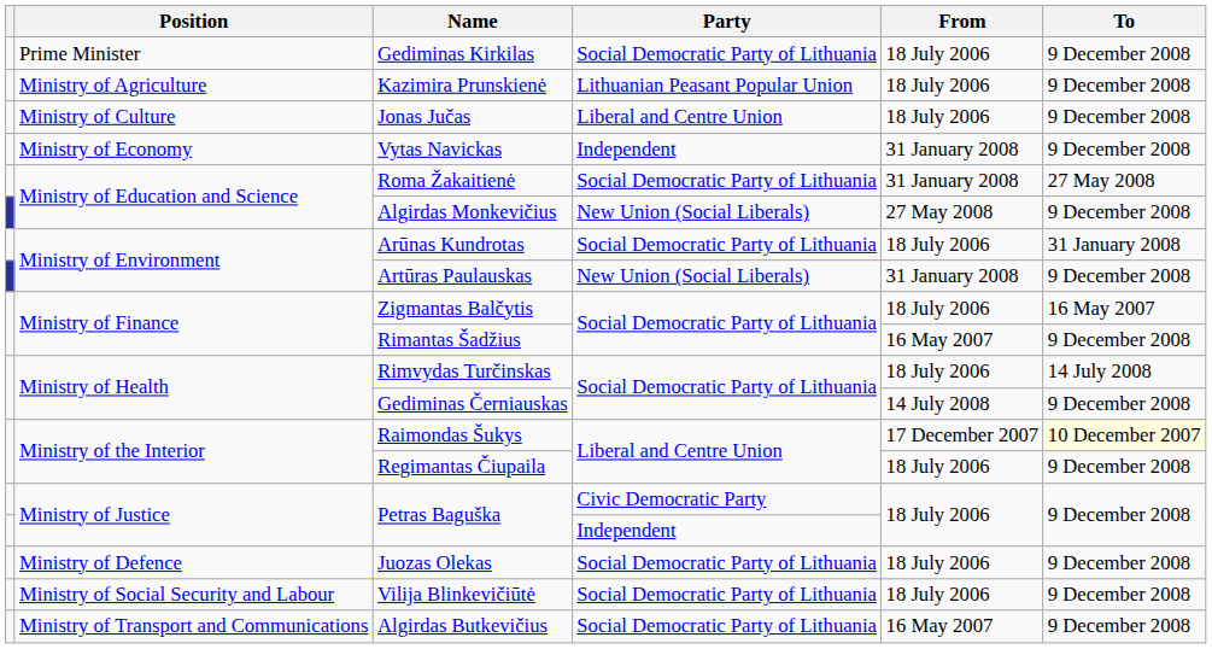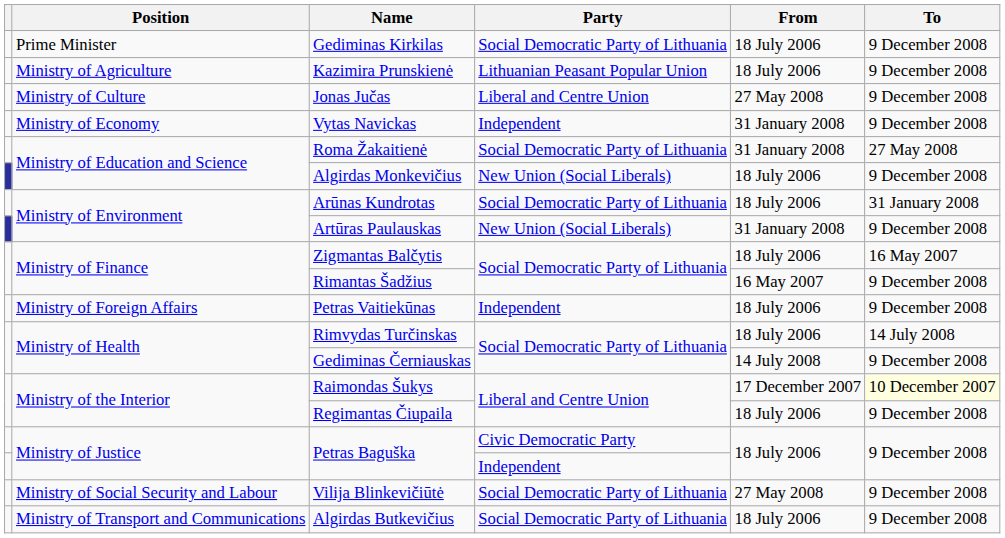 <table class="wikitable">
 <tr>
 <th></th>
 <th>Position</th>
 <th>Name</th>
 <th>Party</th>
 <th>From</th>
 <th>To</th>
 </tr>
 <tr>
 <td style="background-color: "></td>
 <td>Prime Minister</td>
 <td><a href='#'>Gediminas Kirkilas</a></td>
 <td><a href='#'>Social Democratic Party of Lithuania</a></td>
 <td>18 July 2006</td>
 <td>9 December 2008</td>
 </tr>
 <tr>
 <td style="background-color: "></td>
 <td><a href='#'>Ministry of Agriculture</a></td>
 <td><a href='#'>Kazimira Prunskienė</a></td>
 <td><a href='#'>Lithuanian Peasant Popular Union</a></td>
 <td>18 July 2006</td>
 <td>9 December 2008</td>
 </tr>
 <tr>
 <td style="background-color: "></td>
 <td><a href='#'>Ministry of Culture</a></td>
 <td><a href='#'>Jonas Jučas</a></td>
 <td><a href='#'>Liberal and Centre Union</a></td>
-<td>18 July 2006</td>
+<td>27 May 2008</td>
 <td>9 December 2008</td>
 </tr>
 <tr>
 <td style="background-color: "></td>
 <td><a href='#'>Ministry of Economy</a></td>
 <td><a href='#'>Vytas Navickas</a></td>
 <td><a href='#'>Independent</a></td>
 <td>31 January 2008</td>
 <td>9 December 2008</td>
 </tr>
 <tr>
 <td style="background-color: "></td>
 <td rowspan=2><a href='#'>Ministry of Education and Science</a></td>
 <td><a href='#'>Roma Žakaitienė</a></td>
 <td><a href='#'>Social Democratic Party of Lithuania</a></td>
 <td>31 January 2008</td>
 <td>27 May 2008</td>
 </tr>
 <tr>
 <td style="background-color: #2A2D9C"></td>
 <td><a href='#'>Algirdas Monkevičius</a></td>
 <td><a href='#'>New Union (Social Liberals)</a></td>
-<td>27 May 2008</td>
+<td>18 July 2006</td>
 <td>9 December 2008</td>
 </tr>
 <tr>
 <td style="background-color: "></td>
 <td rowspan=2><a href='#'>Ministry of Environment</a></td>
 <td><a href='#'>Arūnas Kundrotas</a></td>
 <td><a href='#'>Social Democratic Party of Lithuania</a></td>
 <td>18 July 2006</td>
 <td>31 January 2008</td>
 </tr>
 <tr>
 <td style="background-color: #2A2D9C"></td>
 <td><a href='#'>Artūras Paulauskas</a></td>
 <td><a href='#'>New Union (Social Liberals)</a></td>
 <td>31 January 2008</td>
 <td>9 December 2008</td>
 </tr>
 <tr>
 <td rowspan=2 style="background-color: "></td>
 <td rowspan=2><a href='#'>Ministry of Finance</a></td>
 <td><a href='#'>Zigmantas Balčytis</a></td>
 <td rowspan=2><a href='#'>Social Democratic Party of Lithuania</a></td>
 <td>18 July 2006</td>
 <td>16 May 2007</td>
 </tr>
 <tr>
 <td><a href='#'>Rimantas Šadžius</a></td>
 <td>16 May 2007</td>
+<td>9 December 2008</td>
+</tr>
+<tr>
+<td style="background-color: "></td>
+<td><a href='#'>Ministry of Foreign Affairs</a></td>
+<td><a href='#'>Petras Vaitiekūnas</a></td>
+<td><a href='#'>Independent</a></td>
+<td>18 July 2006</td>
 <td>9 December 2008</td>
 </tr>
 <tr>
 <td rowspan=2 style="background-color: "></td>
 <td rowspan=2><a href='#'>Ministry of Health</a></td>
 <td><a href='#'>Rimvydas Turčinskas</a></td>
 <td rowspan=2><a href='#'>Social Democratic Party of Lithuania</a></td>
 <td>18 July 2006</td>
 <td>14 July 2008</td>
 </tr>
 <tr>
 <td><a href='#'>Gediminas Černiauskas</a></td>
 <td>14 July 2008</td>
 <td>9 December 2008</td>
 </tr>
 <tr>
 <td rowspan=2 style="background-color: "></td>
 <td rowspan=2><a href='#'>Ministry of the Interior</a></td>
 <td><a href='#'>Raimondas Šukys</a></td>
 <td rowspan=2><a href='#'>Liberal and Centre Union</a></td>
 <td>17 December 2007</td>
 <td style="background: lightyellow;">10 December 2007</td>
 </tr>
 <tr>
 <td><a href='#'>Regimantas Čiupaila</a></td>
 <td>18 July 2006</td>
 <td>9 December 2008</td>
 </tr>
 <tr>
 <td></td>
 <td rowspan=2><a href='#'>Ministry of Justice</a></td>
 <td rowspan=2><a href='#'>Petras Baguška</a></td>
 <td><a href='#'>Civic Democratic Party</a></td>
 <td rowspan=2>18 July 2006</td>
 <td rowspan=2>9 December 2008</td>
 </tr>
 <tr>
 <td style="background-color: "></td>
 <td><a href='#'>Independent</a></td>
 </tr>
 <tr>
 <td style="background-color: "></td>
-<td><a href='#'>Ministry of Defence</a></td>
-<td><a href='#'>Juozas Olekas</a></td>
-<td><a href='#'>Social Democratic Party of Lithuania</a></td>
-<td>18 July 2006</td>
-<td>9 December 2008</td>
-</tr>
-<tr>
-<td style="background-color: "></td>
 <td><a href='#'>Ministry of Social Security and Labour</a></td>
 <td><a href='#'>Vilija Blinkevičiūtė</a></td>
 <td><a href='#'>Social Democratic Party of Lithuania</a></td>
-<td>18 July 2006</td>
+<td>27 May 2008</td>
 <td>9 December 2008</td>
 </tr>
 <tr>
 <td style="background-color: "></td>
 <td><a href='#'>Ministry of Transport and Communications</a></td>
 <td><a href='#'>Algirdas Butkevičius</a></td>
 <td><a href='#'>Social Democratic Party of Lithuania</a></td>
-<td>16 May 2007</td>
+<td>18 July 2006</td>
 <td>9 December 2008</td>
 </tr>
 </table>
